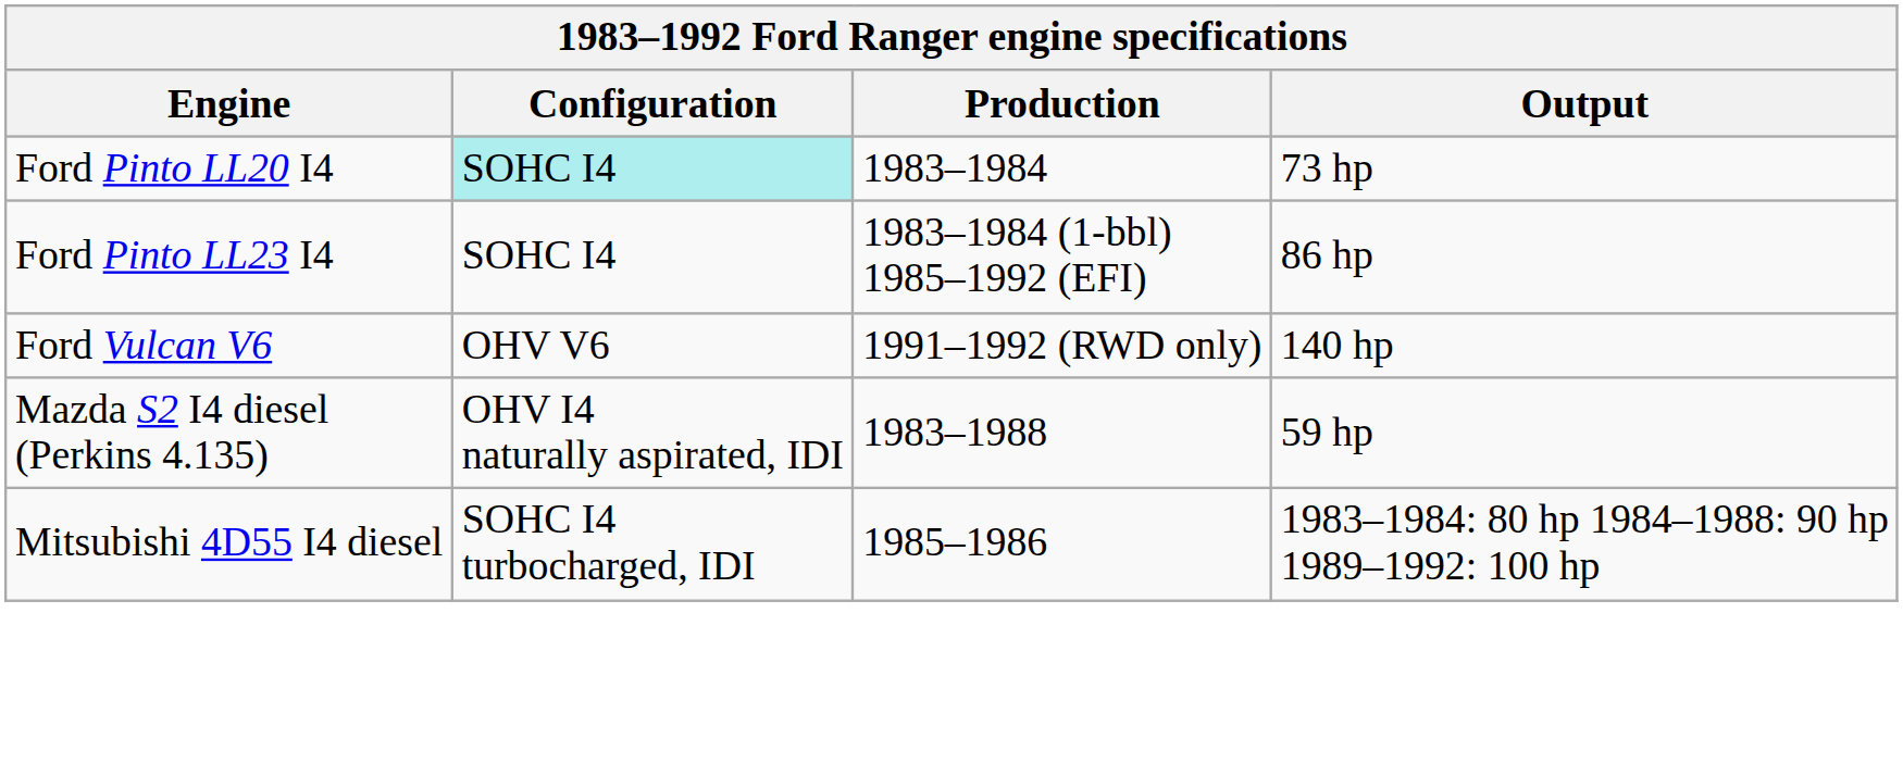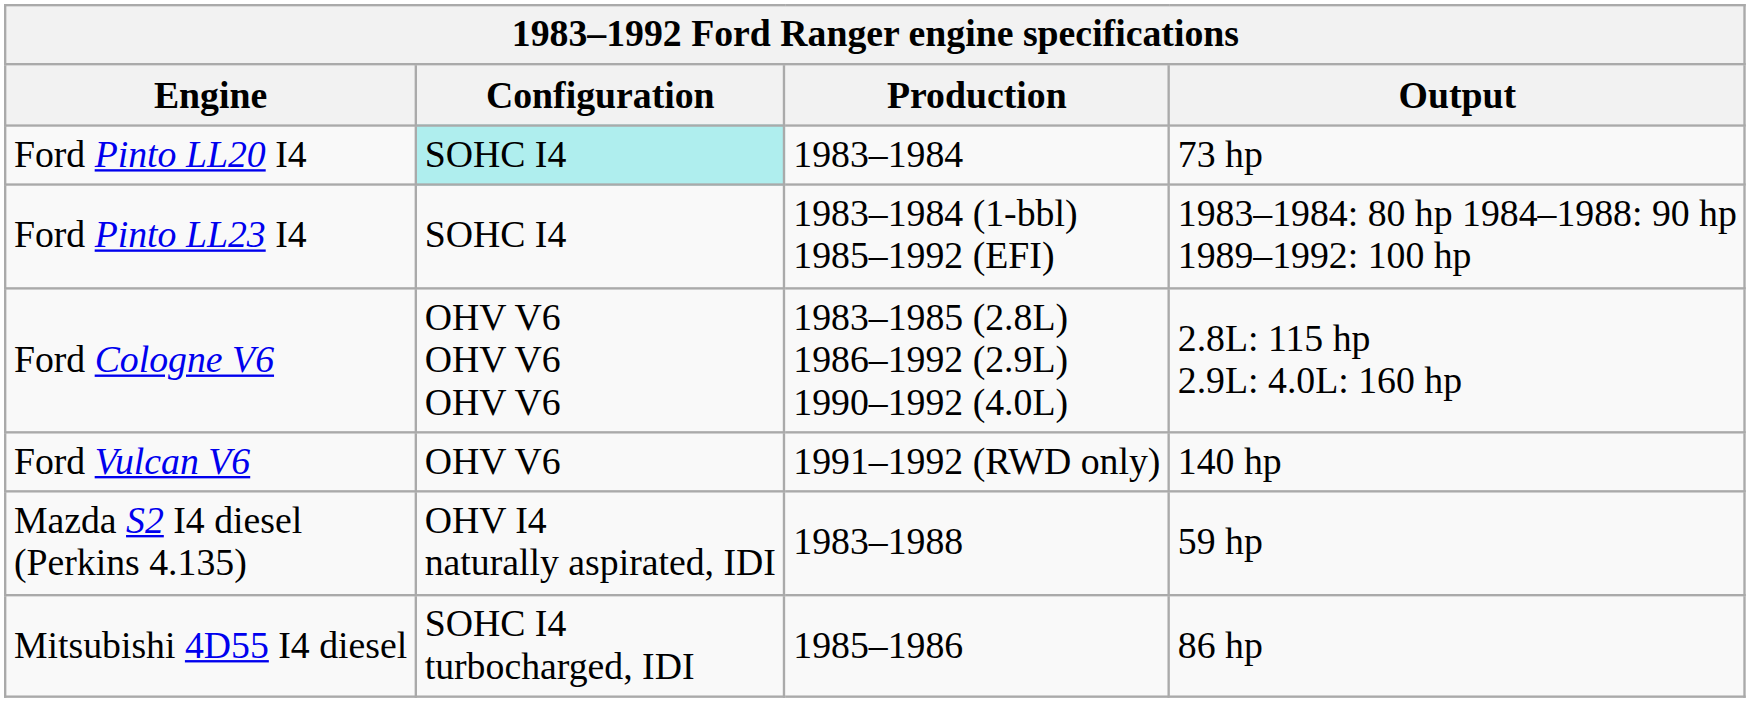 <table class="wikitable">
 <tr>
 <th colspan="4">1983–1992 Ford Ranger engine specifications</th>
 </tr>
 <tr>
 <th>Engine</th>
 <th>Configuration</th>
 <th>Production</th>
 <th>Output</th>
 </tr>
 <tr>
 <td>Ford <a href='#'><em>Pinto LL20</em></a>  I4</td>
 <td style="background: paleturquoise;"> SOHC I4</td>
 <td>1983–1984</td>
 <td>73 hp</td>
 </tr>
 <tr>
 <td>Ford <a href='#'><em>Pinto LL23</em></a> I4</td>
 <td> SOHC I4</td>
 <td>1983–1984 (1-bbl)<br>1985–1992 (EFI)</td>
-<td>86 hp</td>
+<td>1983–1984: 80 hp 1984–1988: 90 hp<br>1989–1992: 100 hp</td>
+</tr>
+<tr>
+<td>Ford <a href='#'><em>Cologne V6</em></a></td>
+<td> OHV V6<br> OHV V6<br> OHV V6</td>
+<td>1983–1985 (2.8L)<br>1986–1992 (2.9L)<br>1990–1992 (4.0L)</td>
+<td>2.8L: 115 hp<br>2.9L:   4.0L: 160 hp</td>
 </tr>
 <tr>
 <td>Ford <a href='#'><em>Vulcan V6</em></a></td>
 <td> OHV V6</td>
 <td>1991–1992 (RWD only)</td>
 <td>140 hp</td>
 </tr>
 <tr>
 <td>Mazda <a href='#'><em>S2</em></a> I4 diesel<br>(Perkins 4.135)</td>
 <td> OHV I4<br>naturally aspirated, IDI</td>
 <td>1983–1988</td>
 <td>59 hp</td>
 </tr>
 <tr>
 <td>Mitsubishi <a href='#'>4D55</a> I4 diesel</td>
 <td> SOHC I4<br>turbocharged, IDI</td>
 <td>1985–1986</td>
-<td>1983–1984: 80 hp 1984–1988: 90 hp<br>1989–1992: 100 hp</td>
+<td>86 hp</td>
 </tr>
 </table>
